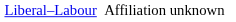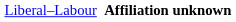 <table>
 <tr>
 <td></td>
 <td></td>
 <td></td>
 <td></td>
 <td></td>
 </tr>
 <tr>
 <td></td>
 <td> <a href='#'>Liberal–Labour</a></td>
 <td></td>
-<td><span></span> Affiliation unknown</td>
+<td><strong><span></span> Affiliation unknown</strong></td>
 </tr>
 </table>
